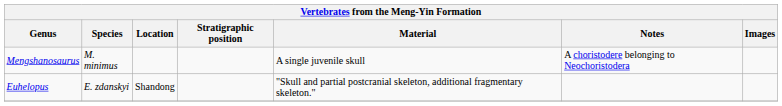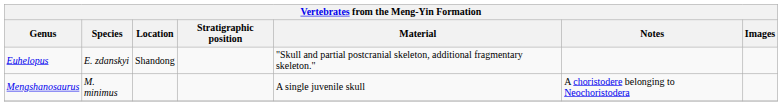 <table class="wikitable" align="center">
 <tr>
 <th colspan="7" align="center"><strong><a href='#'>Vertebrates</a> from the Meng-Yin Formation</strong></th>
 </tr>
 <tr>
 <th>Genus</th>
 <th>Species</th>
 <th>Location</th>
 <th>Stratigraphic position</th>
 <th>Material</th>
 <th>Notes</th>
 <th>Images</th>
 </tr>
 <tr>
+<td><em><a href='#'>Euhelopus</a></em></td>
+<td><em>E. zdanskyi</em></td>
+<td>Shandong</td>
+<td></td>
+<td>"Skull and partial postcranial skeleton, additional fragmentary skeleton."</td>
+<td></td>
+<td></td>
+</tr>
+<tr>
 <td><em><a href='#'>Mengshanosaurus</a></em></td>
 <td><em>M. minimus</em></td>
 <td></td>
 <td></td>
 <td>A single juvenile skull</td>
 <td>A <a href='#'>choristodere</a> belonging to <a href='#'>Neochoristodera</a></td>
 <td></td>
 </tr>
 <tr>
-<td><em><a href='#'>Euhelopus</a></em></td>
-<td><em>E. zdanskyi</em></td>
-<td>Shandong</td>
-<td></td>
-<td>"Skull and partial postcranial skeleton, additional fragmentary skeleton."</td>
-<td></td>
-<td></td>
-</tr>
-<tr>
 </tr>
 </table>
